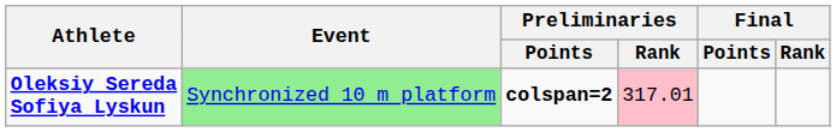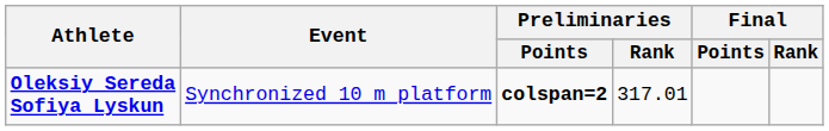 <table class="wikitable" style="text-align:center; font-size:90%">
 <tr>
 <th rowspan="2">Athlete</th>
 <th rowspan="2">Event</th>
 <th colspan="2">Preliminaries</th>
 <th colspan="2">Final</th>
 </tr>
 <tr style="font-size:95%">
 <th>Points</th>
 <th>Rank</th>
 <th>Points</th>
 <th>Rank</th>
 </tr>
 <tr>
 <td align=left><strong><a href='#'>Oleksiy Sereda</a><br><a href='#'>Sofiya Lyskun</a></strong></td>
-<td align=left style="background: lightgreen;"><a href='#'>Synchronized 10 m platform</a></td>
+<td align=left><a href='#'>Synchronized 10 m platform</a></td>
 <td><strong>colspan=2 </strong></td>
-<td style="background: pink;">317.01</td>
+<td>317.01</td>
 <td></td>
 </tr>
 </table>
